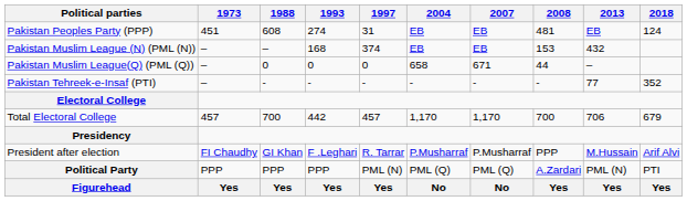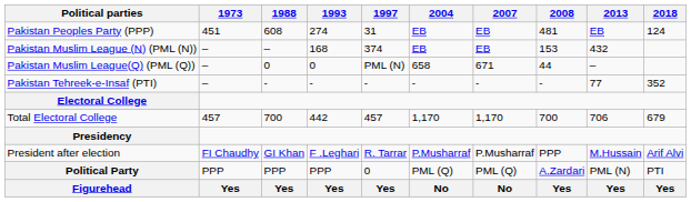 <table class="wikitable sortable">
 <tr>
 <th>Political parties</th>
 <th><a href='#'>1973</a></th>
 <th><a href='#'>1988</a></th>
 <th><a href='#'>1993</a></th>
 <th><a href='#'>1997</a></th>
 <th><a href='#'>2004</a></th>
 <th><a href='#'>2007</a></th>
 <th><a href='#'>2008</a></th>
 <th><a href='#'>2013</a></th>
 <th><a href='#'>2018</a></th>
 </tr>
 <tr>
 <td><a href='#'>Pakistan Peoples Party</a> (PPP)</td>
 <td>451</td>
 <td>608</td>
 <td>274</td>
 <td>31</td>
 <td><a href='#'>EB</a></td>
 <td><a href='#'>EB</a></td>
 <td>481</td>
 <td><a href='#'>EB</a></td>
 <td>124</td>
 </tr>
 <tr>
 <td><a href='#'>Pakistan Muslim League (N)</a> (PML (N))</td>
 <td>–</td>
 <td>–</td>
 <td>168</td>
 <td>374</td>
 <td><a href='#'>EB</a></td>
 <td><a href='#'>EB</a></td>
 <td>153</td>
 <td>432</td>
 <td></td>
 </tr>
 <tr>
 <td><a href='#'>Pakistan Muslim League(Q)</a> (PML (Q))</td>
 <td>–</td>
 <td>0</td>
 <td>0</td>
-<td>0</td>
+<td>PML (N)</td>
 <td>658</td>
 <td>671</td>
 <td>44</td>
 <td>–</td>
 <td></td>
 </tr>
 <tr>
 <td><a href='#'>Pakistan Tehreek-e-Insaf</a> (PTI)</td>
 <td>–</td>
 <td>-</td>
 <td>-</td>
 <td>-</td>
 <td>-</td>
 <td>-</td>
 <td>-</td>
 <td>77</td>
 <td>352</td>
 </tr>
 <tr>
 <th><a href='#'>Electoral College</a></th>
 </tr>
 <tr>
 <td>Total <a href='#'>Electoral College</a></td>
 <td>457</td>
 <td>700</td>
 <td>442</td>
 <td>457</td>
 <td>1,170</td>
 <td>1,170</td>
 <td>700</td>
 <td>706</td>
 <td>679</td>
 </tr>
 <tr>
 <th>Presidency</th>
 </tr>
 <tr>
 <td>President after election</td>
 <td><a href='#'>FI Chaudhy</a></td>
 <td><a href='#'>GI Khan</a></td>
 <td><a href='#'>F .Leghari</a></td>
 <td><a href='#'>R. Tarrar</a></td>
 <td><a href='#'>P.Musharraf</a></td>
 <td>P.Musharraf</td>
 <td>PPP</td>
 <td><a href='#'>M.Hussain</a></td>
 <td><a href='#'>Arif Alvi</a></td>
 </tr>
 <tr>
 <th>Political Party</th>
 <td>PPP</td>
 <td>PPP</td>
 <td>PPP</td>
-<td>PML (N)</td>
+<td>0</td>
 <td>PML (Q)</td>
 <td>PML (Q)</td>
 <td><a href='#'>A.Zardari</a></td>
 <td>PML (N)</td>
 <td>PTI</td>
 </tr>
 <tr>
 <th><a href='#'>Figurehead</a></th>
 <th>Yes</th>
 <th>Yes</th>
 <th>Yes</th>
 <th>Yes</th>
 <th>No</th>
 <th>No</th>
 <th>Yes</th>
 <th>Yes</th>
 <th>Yes</th>
 </tr>
 </table>
